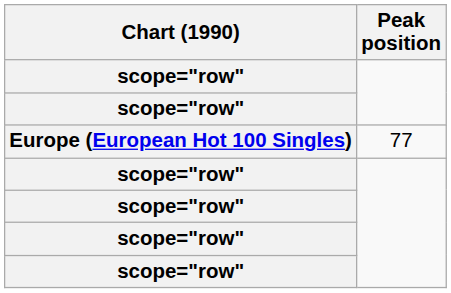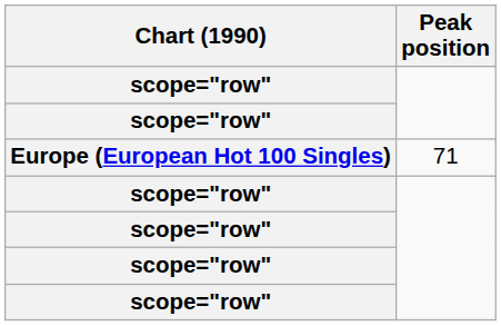 <table class="wikitable plainrowheaders sortable" style="text-align:center">
 <tr>
 <th scope="col">Chart (1990)</th>
 <th scope="col">Peak<br>position</th>
 </tr>
 <tr>
 <th>scope="row" </th>
 </tr>
 <tr>
 <th>scope="row" </th>
 </tr>
 <tr>
 <th scope="row">Europe (<a href='#'>European Hot 100 Singles</a>)</th>
-<td>77</td>
+<td>71</td>
 </tr>
 <tr>
 <th>scope="row" </th>
 </tr>
 <tr>
 <th>scope="row" </th>
 </tr>
 <tr>
 <th>scope="row" </th>
 </tr>
 <tr>
 <th>scope="row" </th>
 </tr>
 </table>
